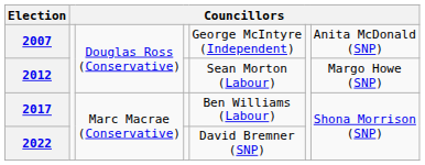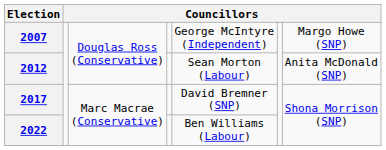 <table class="wikitable" style="text-align:center">
 <tr>
 <th>Election</th>
 <th colspan=8>Councillors</th>
 </tr>
 <tr>
 <th><a href='#'>2007</a></th>
 <td rowspan=4; style="background-color: "></td>
 <td rowspan=2><a href='#'>Douglas Ross</a><br>(<a href='#'>Conservative</a>)</td>
 <td rowspan=1; style="background-color: "></td>
 <td rowspan=1>George McIntyre<br>(<a href='#'>Independent</a>)</td>
 <td rowspan=4; style="background-color: "></td>
-<td rowspan=1>Anita McDonald<br>(<a href='#'>SNP</a>)</td>
+<td rowspan=1>Margo Howe<br>(<a href='#'>SNP</a>)</td>
 </tr>
 <tr>
 <th><a href='#'>2012</a></th>
 <td rowspan=1; style="background-color: "></td>
 <td rowspan=1>Sean Morton<br>(<a href='#'>Labour</a>)</td>
-<td rowspan=1>Margo Howe<br>(<a href='#'>SNP</a>)</td>
+<td rowspan=1>Anita McDonald<br>(<a href='#'>SNP</a>)</td>
 </tr>
 <tr>
 <th><a href='#'>2017</a></th>
 <td rowspan=2>Marc Macrae<br>(<a href='#'>Conservative</a>)</td>
 <td rowspan=1; style="background-color: "></td>
-<td rowspan=1>Ben Williams<br>(<a href='#'>Labour</a>)</td>
+<td rowspan=1>David Bremner<br>(<a href='#'>SNP</a>)</td>
 <td rowspan=2><a href='#'>Shona Morrison</a><br>(<a href='#'>SNP</a>)</td>
 </tr>
 <tr>
 <th><a href='#'>2022</a></th>
 <td rowspan=1; style="background-color: "></td>
-<td rowspan=1>David Bremner<br>(<a href='#'>SNP</a>)</td>
+<td rowspan=1>Ben Williams<br>(<a href='#'>Labour</a>)</td>
 </tr>
 </table>
